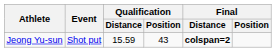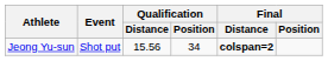 <table class=wikitable style=font-size:90%>
 <tr>
 <th rowspan=2>Athlete</th>
 <th rowspan=2>Event</th>
 <th colspan=2>Qualification</th>
 <th colspan=2>Final</th>
 </tr>
 <tr style=font-size:95%>
 <th>Distance</th>
 <th>Position</th>
 <th>Distance</th>
 <th>Position</th>
 </tr>
 <tr align=center>
 <td align=left><a href='#'>Jeong Yu-sun</a></td>
 <td align=left><a href='#'>Shot put</a></td>
-<td>15.59</td>
-<td>43</td>
+<td>15.56</td>
+<td>34</td>
 <td><strong>colspan=2 </strong></td>
 </tr>
 </table>
